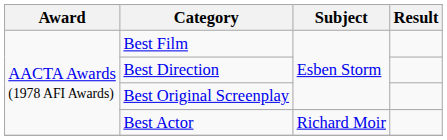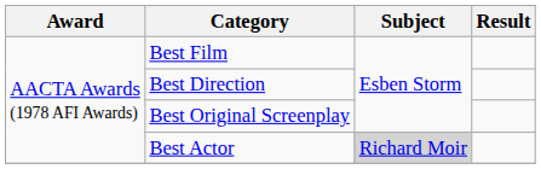 <table class="wikitable">
 <tr>
 <th>Award</th>
 <th>Category</th>
 <th>Subject</th>
 <th>Result</th>
 </tr>
 <tr>
 <td rowspan=4><a href='#'>AACTA Awards</a><br><small>(1978 AFI Awards)</small></td>
 <td><a href='#'>Best Film</a></td>
 <td rowspan=3><a href='#'>Esben Storm</a></td>
 <td></td>
 </tr>
 <tr>
 <td><a href='#'>Best Direction</a></td>
 <td></td>
 </tr>
 <tr>
 <td><a href='#'>Best Original Screenplay</a></td>
 <td></td>
 </tr>
 <tr>
 <td><a href='#'>Best Actor</a></td>
-<td><a href='#'>Richard Moir</a></td>
+<td style="background: lightgrey;"><a href='#'>Richard Moir</a></td>
 <td></td>
 </tr>
 <tr>
 </tr>
 </table>
